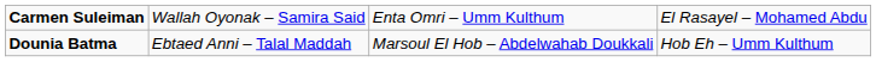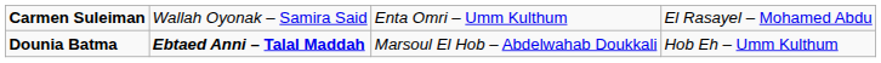 <table class="wikitable">
 <tr>
 <td><strong>Carmen Suleiman</strong></td>
 <td><em>Wallah Oyonak</em> – <a href='#'>Samira Said</a></td>
 <td><em>Enta Omri</em> – <a href='#'>Umm Kulthum</a></td>
 <td><em>El Rasayel</em> – <a href='#'>Mohamed Abdu</a></td>
 </tr>
 <tr>
 <td><strong>Dounia Batma</strong></td>
-<td><em>Ebtaed Anni</em> – <a href='#'>Talal Maddah</a></td>
+<td><strong><em>Ebtaed Anni</em> – <a href='#'>Talal Maddah</a></strong></td>
 <td><em>Marsoul El Hob</em> – <a href='#'>Abdelwahab Doukkali</a></td>
 <td><em>Hob Eh</em> – <a href='#'>Umm Kulthum</a></td>
 </tr>
 </table>
